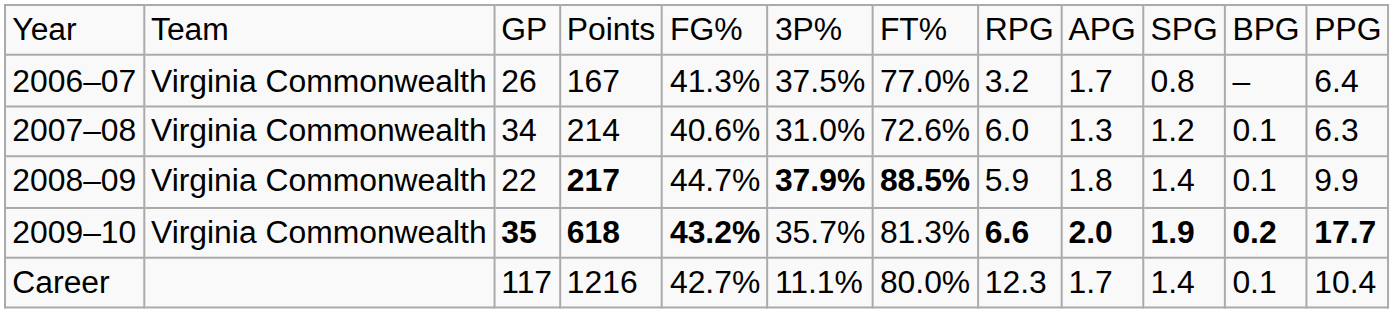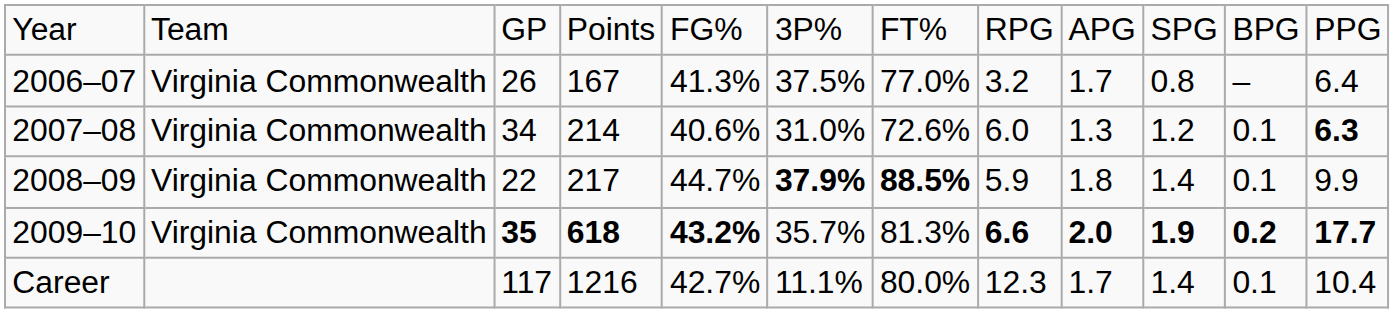 <table class="wikitable">
 <tr>
 <td>Year</td>
 <td>Team</td>
 <td>GP</td>
 <td>Points</td>
 <td>FG%</td>
 <td>3P%</td>
 <td>FT%</td>
 <td>RPG</td>
 <td>APG</td>
 <td>SPG</td>
 <td>BPG</td>
 <td>PPG</td>
 </tr>
 <tr>
 <td>2006–07</td>
 <td>Virginia Commonwealth</td>
 <td>26</td>
 <td>167</td>
 <td>41.3%</td>
 <td>37.5%</td>
 <td>77.0%</td>
 <td>3.2</td>
 <td>1.7</td>
 <td>0.8</td>
 <td>–</td>
 <td>6.4</td>
 </tr>
 <tr>
 <td>2007–08</td>
 <td>Virginia Commonwealth</td>
 <td>34</td>
 <td>214</td>
 <td>40.6%</td>
 <td>31.0%</td>
 <td>72.6%</td>
 <td>6.0</td>
 <td>1.3</td>
 <td>1.2</td>
 <td>0.1</td>
-<td>6.3</td>
+<td><strong>6.3</strong></td>
 </tr>
 <tr>
 <td>2008–09</td>
 <td>Virginia Commonwealth</td>
 <td>22</td>
-<td><strong>217</strong></td>
+<td>217</td>
 <td>44.7%</td>
 <td><strong>37.9%</strong></td>
 <td><strong>88.5%</strong></td>
 <td>5.9</td>
 <td>1.8</td>
 <td>1.4</td>
 <td>0.1</td>
 <td>9.9</td>
 </tr>
 <tr>
 <td>2009–10</td>
 <td>Virginia Commonwealth</td>
 <td><strong>35</strong></td>
 <td><strong>618</strong></td>
 <td><strong>43.2%</strong></td>
 <td>35.7%</td>
 <td>81.3%</td>
 <td><strong>6.6</strong></td>
 <td><strong>2.0</strong></td>
 <td><strong>1.9</strong></td>
 <td><strong>0.2</strong></td>
 <td><strong>17.7</strong></td>
 </tr>
 <tr>
 <td>Career</td>
 <td></td>
 <td>117</td>
 <td>1216</td>
 <td>42.7%</td>
 <td>11.1%</td>
 <td>80.0%</td>
 <td>12.3</td>
 <td>1.7</td>
 <td>1.4</td>
 <td>0.1</td>
 <td>10.4</td>
 </tr>
 </table>
